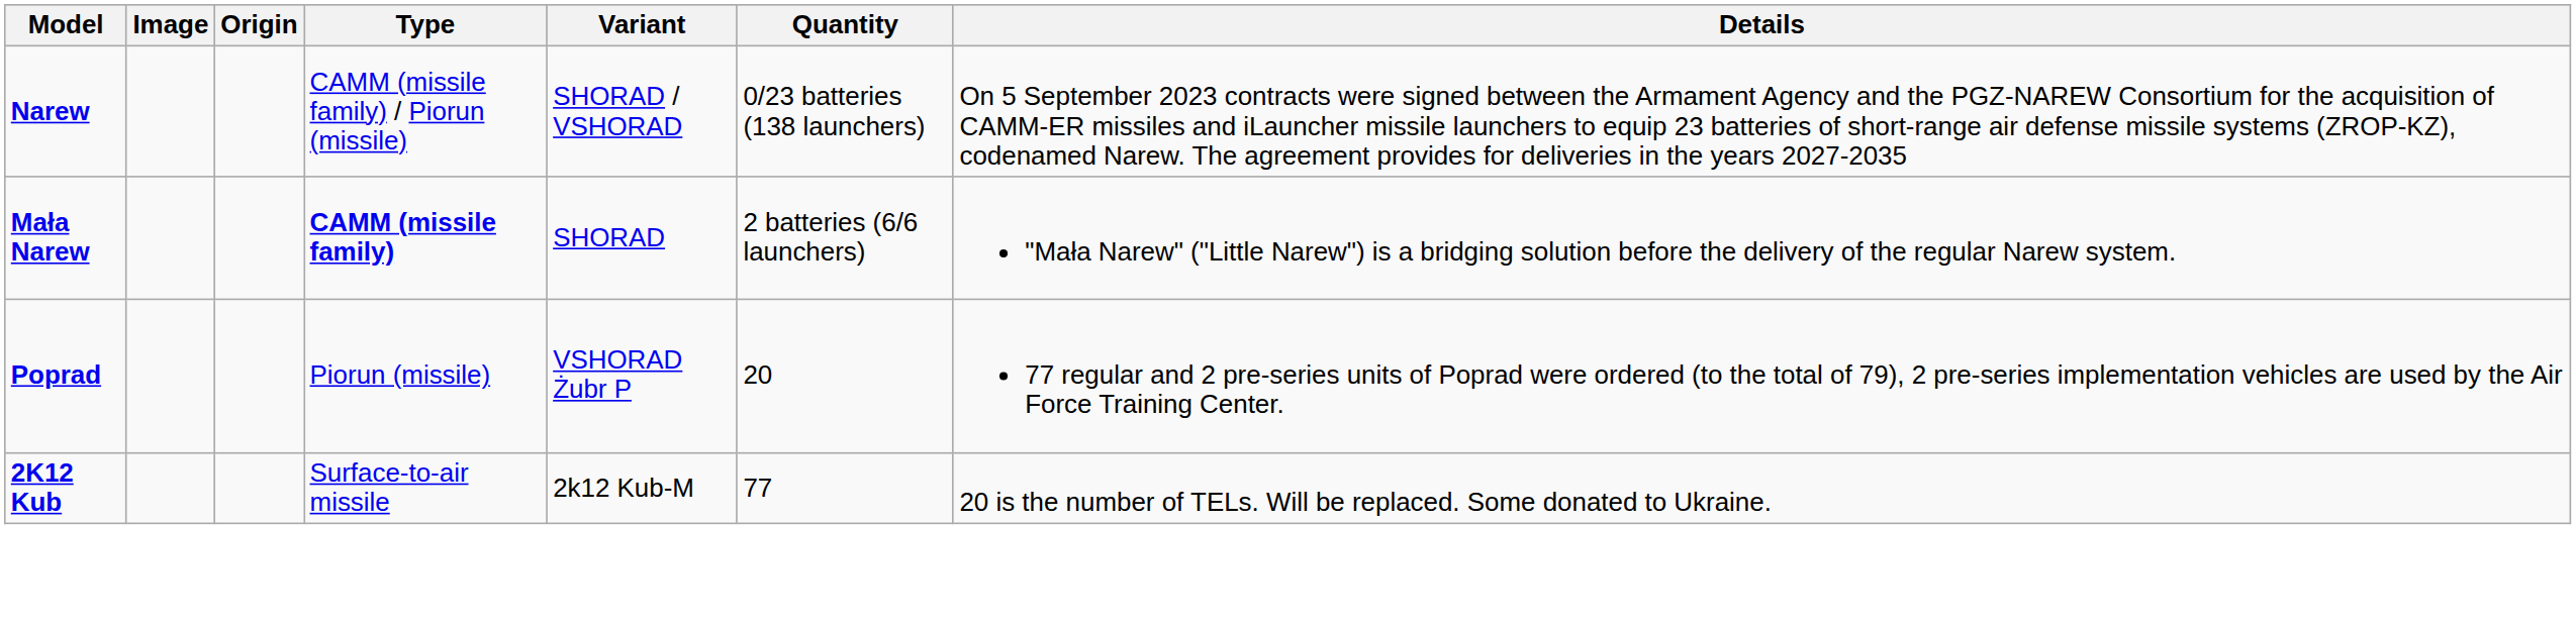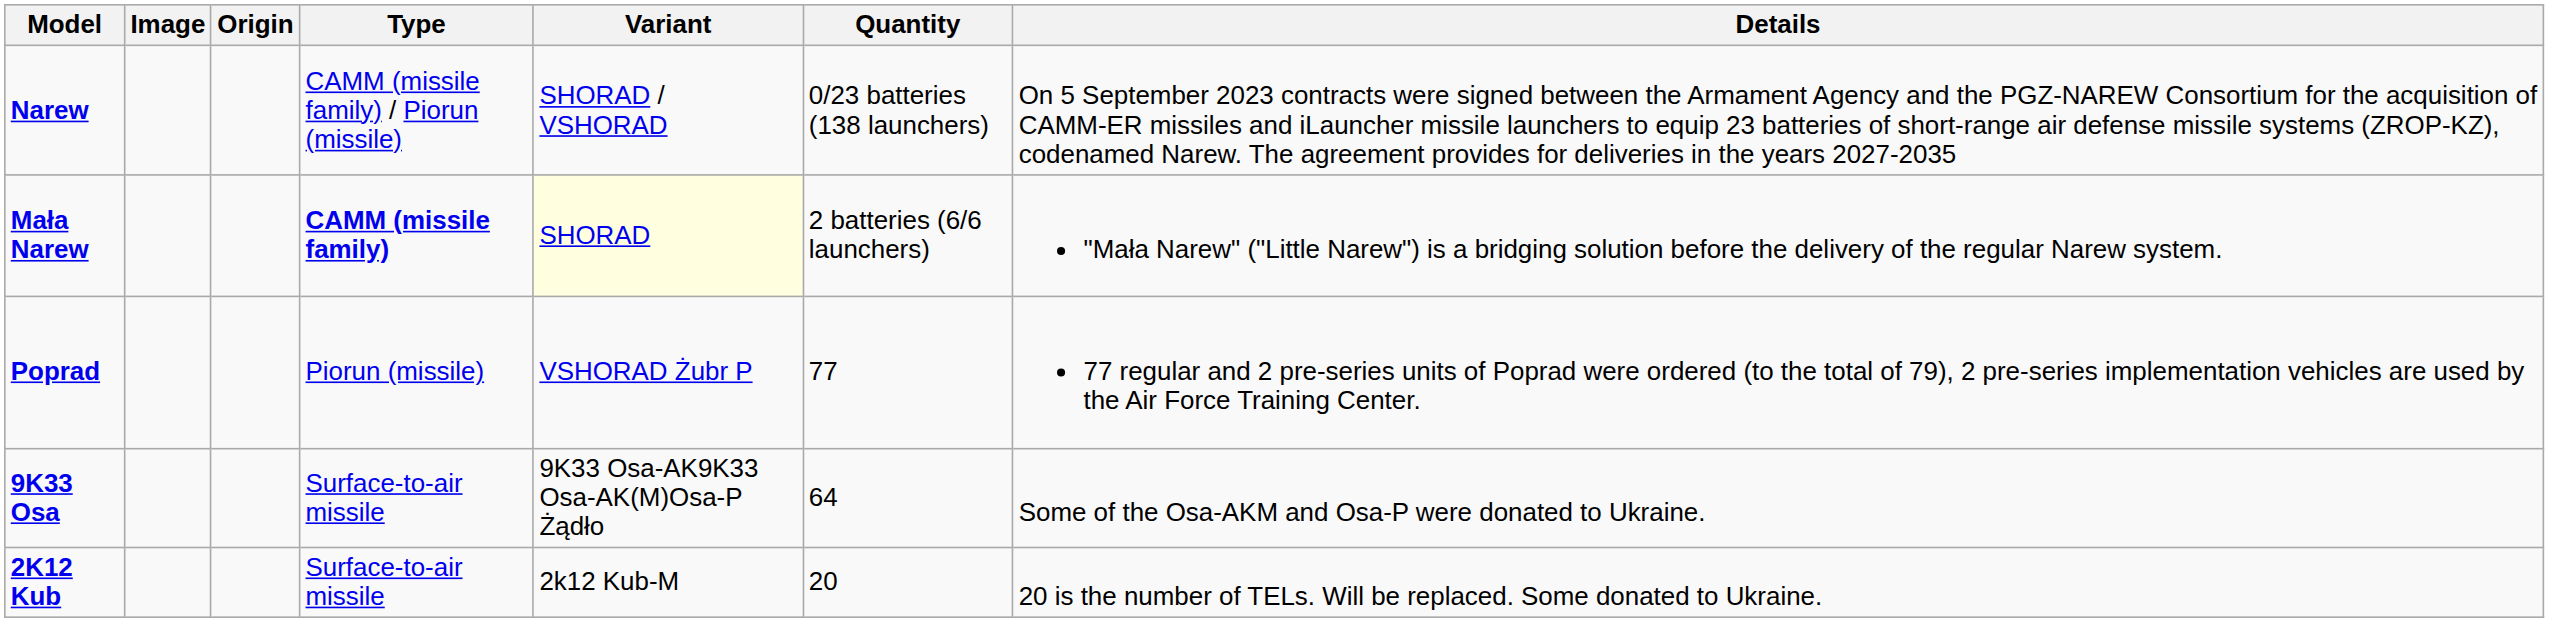 <table class="wikitable">
 <tr>
 <th>Model</th>
 <th>Image</th>
 <th>Origin</th>
 <th>Type</th>
 <th>Variant</th>
 <th>Quantity</th>
 <th>Details</th>
 </tr>
 <tr>
 <td><a href='#'><strong>Narew</strong></a></td>
 <td></td>
 <td><small></small><br><small></small></td>
 <td><a href='#'>CAMM (missile family)</a> / <a href='#'>Piorun (missile)</a></td>
 <td><a href='#'>SHORAD</a> / <a href='#'>VSHORAD</a></td>
 <td>0/23 batteries (138 launchers)</td>
 <td><br>On 5 September 2023 contracts were signed between the Armament Agency and the PGZ-NAREW Consortium for the acquisition of CAMM-ER missiles and iLauncher missile launchers to equip 23 batteries of short-range air defense missile systems (ZROP-KZ), codenamed Narew.  The agreement provides for deliveries in the years 2027-2035</td>
 </tr>
 <tr>
 <td><a href='#'><strong>Mała Narew</strong></a></td>
 <td></td>
 <td><small></small><br><small></small></td>
 <td><strong><a href='#'>CAMM (missile family)</a></strong></td>
-<td><a href='#'>SHORAD</a></td>
+<td style="background: lightyellow;"><a href='#'>SHORAD</a></td>
 <td>2 batteries (6/6 launchers)</td>
 <td><br><ul><li>"Mała Narew" ("Little Narew") is a bridging solution before the delivery of the regular Narew system.</li></ul></td>
 </tr>
 <tr>
 <td><a href='#'><strong>Poprad</strong></a></td>
 <td></td>
 <td><small></small></td>
 <td><a href='#'>Piorun (missile)</a></td>
 <td><a href='#'>VSHORAD Żubr P</a></td>
-<td>20</td>
+<td>77</td>
 <td><br><ul><li>77 regular and 2 pre-series units of Poprad were ordered (to the total of 79), 2 pre-series implementation vehicles are used by the Air Force Training Center.</li></ul></td>
+</tr>
+<tr>
+<td><strong><a href='#'>9K33 Osa</a></strong></td>
+<td> <br><br></td>
+<td><small></small><br><small></small></td>
+<td><a href='#'>Surface-to-air missile</a></td>
+<td>9K33 Osa-AK9K33 Osa-AK(M)Osa-P Żądło</td>
+<td>64</td>
+<td><br>Some of the Osa-AKM and Osa-P were donated to Ukraine.</td>
 </tr>
 <tr>
 <td><strong><a href='#'>2K12 Kub</a></strong></td>
 <td></td>
 <td><small></small></td>
 <td><a href='#'>Surface-to-air missile</a></td>
 <td>2k12 Kub-M</td>
-<td>77</td>
+<td>20</td>
 <td><br>20 is the number of TELs. Will be replaced. Some donated to Ukraine.</td>
 </tr>
 </table>
